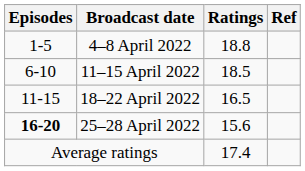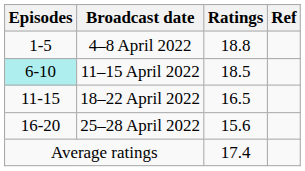 <table class="wikitable" style="text-align:center">
 <tr>
 <th>Episodes</th>
 <th>Broadcast date</th>
 <th>Ratings</th>
 <th class="unsortable">Ref</th>
 </tr>
 <tr>
 <td>1-5</td>
 <td>4–8 April 2022</td>
 <td>18.8</td>
 <td></td>
 </tr>
 <tr>
-<td>6-10</td>
+<td style="background: paleturquoise;">6-10</td>
 <td>11–15 April 2022</td>
 <td>18.5</td>
 <td></td>
 </tr>
 <tr>
 <td>11-15</td>
 <td>18–22 April 2022</td>
 <td>16.5</td>
 <td></td>
 </tr>
 <tr>
-<td><strong>16-20</strong></td>
+<td>16-20</td>
 <td>25–28 April 2022</td>
 <td>15.6</td>
 <td></td>
 </tr>
 <tr>
 <td colspan="2">Average ratings</td>
 <td>17.4</td>
 <td></td>
 </tr>
 </table>
